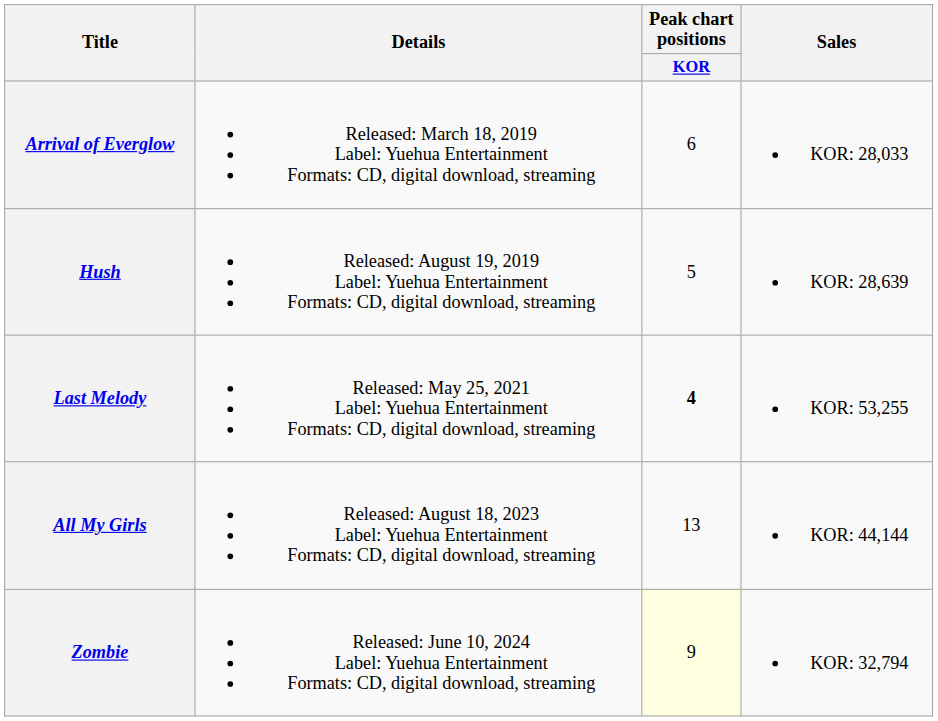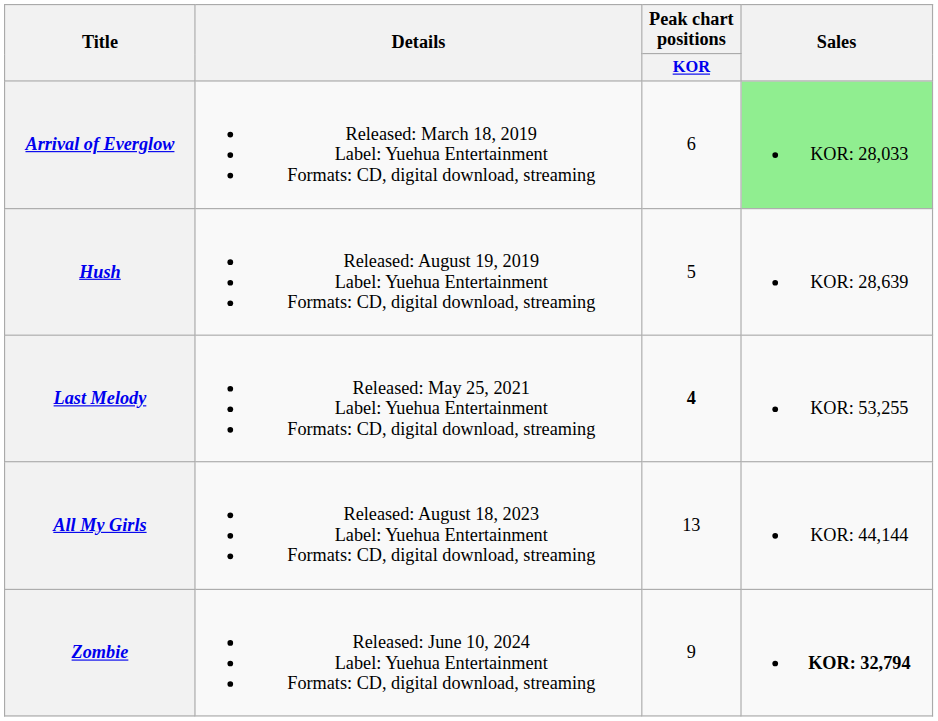 <table class="wikitable plainrowheaders" style="text-align:center">
 <tr>
 <th scope="col" rowspan="2" style="width:10em">Title</th>
 <th scope="col" rowspan="2" style="width:24em">Details</th>
 <th scope="col" style="width:5em">Peak chart positions</th>
 <th scope="col" rowspan="2" style="width:10em">Sales</th>
 </tr>
 <tr>
 <th scope="col" style="font-size:90%; width:3em"><a href='#'>KOR</a><br></th>
 </tr>
 <tr>
 <th scope="row"><em><a href='#'>Arrival of Everglow</a></em></th>
 <td><br><ul><li>Released: March 18, 2019</li><li>Label: Yuehua Entertainment</li><li>Formats: CD, digital download, streaming</li></ul></td>
 <td>6</td>
-<td><br><ul><li>KOR: 28,033</li></ul></td>
+<td style="background: lightgreen;"><br><ul><li>KOR: 28,033</li></ul></td>
 </tr>
 <tr>
 <th scope="row"><em><a href='#'>Hush</a></em></th>
 <td><br><ul><li>Released: August 19, 2019</li><li>Label: Yuehua Entertainment</li><li>Formats: CD, digital download, streaming</li></ul></td>
 <td>5</td>
 <td><br><ul><li>KOR: 28,639</li></ul></td>
 </tr>
 <tr>
 <th scope="row"><em><a href='#'>Last Melody</a></em></th>
 <td><br><ul><li>Released: May 25, 2021</li><li>Label: Yuehua Entertainment</li><li>Formats: CD, digital download, streaming</li></ul></td>
 <td><strong>4</strong></td>
 <td><br><ul><li>KOR: 53,255</li></ul></td>
 </tr>
 <tr>
 <th scope="row"><em><a href='#'>All My Girls</a></em></th>
 <td><br><ul><li>Released: August 18, 2023</li><li>Label: Yuehua Entertainment</li><li>Formats: CD, digital download, streaming</li></ul></td>
 <td>13</td>
 <td><br><ul><li>KOR: 44,144</li></ul></td>
 </tr>
 <tr>
 <th scope="row"><em><a href='#'>Zombie</a></em></th>
 <td><br><ul><li>Released: June 10, 2024</li><li>Label: Yuehua Entertainment</li><li>Formats: CD, digital download, streaming</li></ul></td>
-<td style="background: lightyellow;">9</td>
-<td><br><ul><li>KOR: 32,794</li></ul></td>
+<td>9</td>
+<td><strong><br><ul><li>KOR: 32,794</li></ul></strong></td>
 </tr>
 </table>
